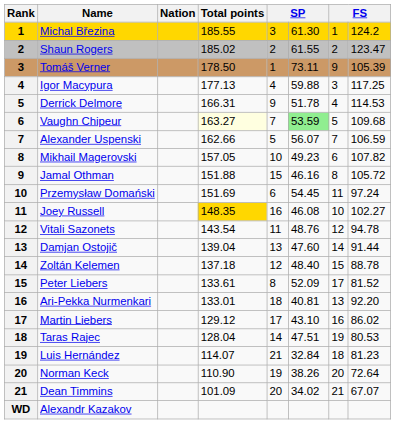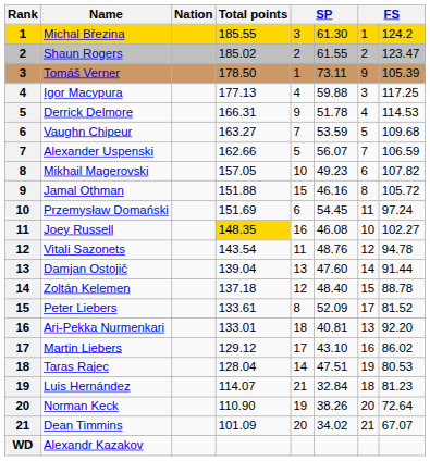 <table class="wikitable">
 <tr>
 <th>Rank</th>
 <th>Name</th>
 <th>Nation</th>
 <th>Total points</th>
 <th colspan="2" width="80px"><a href='#'>SP</a></th>
 <th colspan="2" width="80px"><a href='#'>FS</a></th>
 </tr>
 <tr bgcolor="gold">
 <td align="center"><strong>1</strong></td>
 <td><a href='#'>Michal Březina</a></td>
 <td></td>
 <td>185.55</td>
 <td>3</td>
 <td>61.30</td>
 <td>1</td>
 <td>124.2</td>
 </tr>
 <tr bgcolor="silver">
 <td align="center"><strong>2</strong></td>
 <td><a href='#'>Shaun Rogers</a></td>
 <td></td>
 <td>185.02</td>
 <td>2</td>
 <td>61.55</td>
 <td>2</td>
 <td>123.47</td>
 </tr>
 <tr bgcolor="cc9966">
 <td align="center"><strong>3</strong></td>
 <td><a href='#'>Tomáš Verner</a></td>
 <td></td>
 <td>178.50</td>
 <td>1</td>
 <td>73.11</td>
 <td>9</td>
 <td>105.39</td>
 </tr>
 <tr>
 <th>4</th>
 <td><a href='#'>Igor Macypura</a></td>
 <td></td>
 <td>177.13</td>
 <td>4</td>
 <td>59.88</td>
 <td>3</td>
 <td>117.25</td>
 </tr>
 <tr>
 <th>5</th>
 <td><a href='#'>Derrick Delmore</a></td>
 <td></td>
 <td>166.31</td>
 <td>9</td>
 <td>51.78</td>
 <td>4</td>
 <td>114.53</td>
 </tr>
 <tr>
 <th>6</th>
 <td><a href='#'>Vaughn Chipeur</a></td>
 <td></td>
-<td style="background: lightyellow;">163.27</td>
+<td>163.27</td>
 <td>7</td>
-<td style="background: lightgreen;">53.59</td>
+<td>53.59</td>
 <td>5</td>
 <td>109.68</td>
 </tr>
 <tr>
 <th>7</th>
 <td><a href='#'>Alexander Uspenski</a></td>
 <td></td>
 <td>162.66</td>
 <td>5</td>
 <td>56.07</td>
 <td>7</td>
 <td>106.59</td>
 </tr>
 <tr>
 <th>8</th>
 <td><a href='#'>Mikhail Magerovski</a></td>
 <td></td>
 <td>157.05</td>
 <td>10</td>
 <td>49.23</td>
 <td>6</td>
 <td>107.82</td>
 </tr>
 <tr>
 <th>9</th>
 <td><a href='#'>Jamal Othman</a></td>
 <td></td>
 <td>151.88</td>
 <td>15</td>
 <td>46.16</td>
 <td>8</td>
 <td>105.72</td>
 </tr>
 <tr>
 <th>10</th>
 <td><a href='#'>Przemysław Domański</a></td>
 <td></td>
 <td>151.69</td>
 <td>6</td>
 <td>54.45</td>
 <td>11</td>
 <td>97.24</td>
 </tr>
 <tr>
 <th>11</th>
 <td><a href='#'>Joey Russell</a></td>
 <td></td>
 <td style="background: gold;">148.35</td>
 <td>16</td>
 <td>46.08</td>
 <td>10</td>
 <td>102.27</td>
 </tr>
 <tr>
 <th>12</th>
 <td><a href='#'>Vitali Sazonets</a></td>
 <td></td>
 <td>143.54</td>
 <td>11</td>
 <td>48.76</td>
 <td>12</td>
 <td>94.78</td>
 </tr>
 <tr>
 <th>13</th>
 <td><a href='#'>Damjan Ostojič</a></td>
 <td></td>
 <td>139.04</td>
 <td>13</td>
 <td>47.60</td>
 <td>14</td>
 <td>91.44</td>
 </tr>
 <tr>
 <th>14</th>
 <td><a href='#'>Zoltán Kelemen</a></td>
 <td></td>
 <td>137.18</td>
 <td>12</td>
 <td>48.40</td>
 <td>15</td>
 <td>88.78</td>
 </tr>
 <tr>
 <th>15</th>
 <td><a href='#'>Peter Liebers</a></td>
 <td></td>
 <td>133.61</td>
 <td>8</td>
 <td>52.09</td>
 <td>17</td>
 <td>81.52</td>
 </tr>
 <tr>
 <th>16</th>
 <td><a href='#'>Ari-Pekka Nurmenkari</a></td>
 <td></td>
 <td>133.01</td>
 <td>18</td>
 <td>40.81</td>
 <td>13</td>
 <td>92.20</td>
 </tr>
 <tr>
 <th>17</th>
 <td><a href='#'>Martin Liebers</a></td>
 <td></td>
 <td>129.12</td>
 <td>17</td>
 <td>43.10</td>
 <td>16</td>
 <td>86.02</td>
 </tr>
 <tr>
 <th>18</th>
 <td><a href='#'>Taras Rajec</a></td>
 <td></td>
 <td>128.04</td>
 <td>14</td>
 <td>47.51</td>
 <td>19</td>
 <td>80.53</td>
 </tr>
 <tr>
 <th>19</th>
 <td><a href='#'>Luis Hernández</a></td>
 <td></td>
 <td>114.07</td>
 <td>21</td>
 <td>32.84</td>
 <td>18</td>
 <td>81.23</td>
 </tr>
 <tr>
 <th>20</th>
 <td><a href='#'>Norman Keck</a></td>
 <td></td>
 <td>110.90</td>
 <td>19</td>
 <td>38.26</td>
 <td>20</td>
 <td>72.64</td>
 </tr>
 <tr>
 <th>21</th>
 <td><a href='#'>Dean Timmins</a></td>
 <td></td>
 <td>101.09</td>
 <td>20</td>
 <td>34.02</td>
 <td>21</td>
 <td>67.07</td>
 </tr>
 <tr>
 <th>WD</th>
 <td><a href='#'>Alexandr Kazakov</a></td>
 <td></td>
 <td></td>
 <td></td>
 <td></td>
 <td></td>
 <td></td>
 </tr>
 </table>
